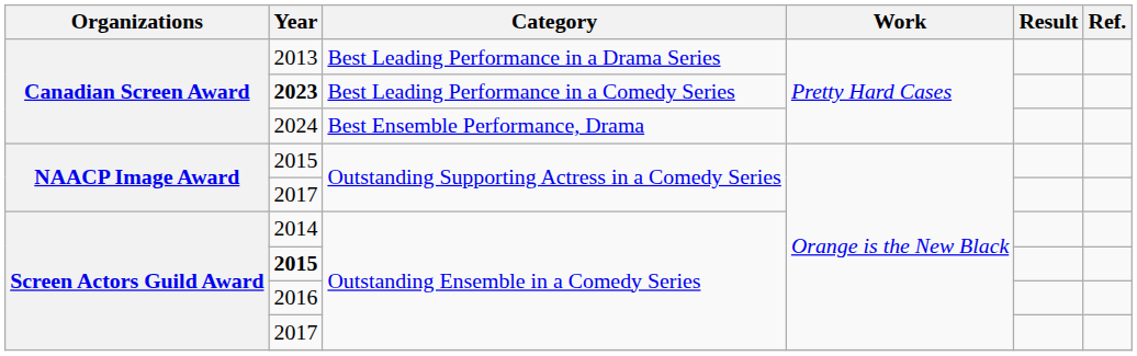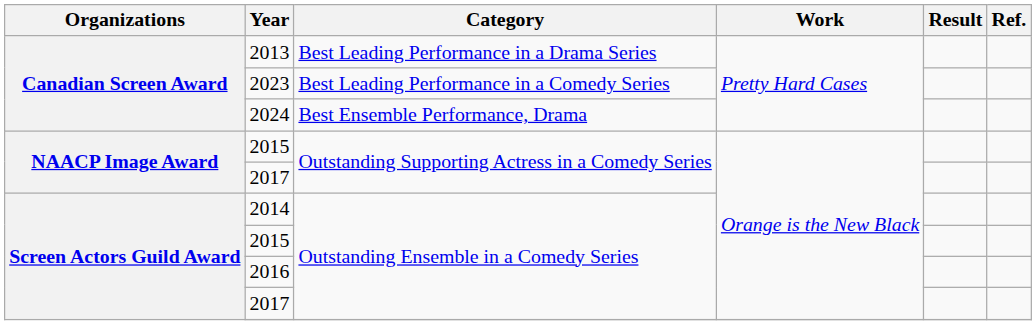 <table class="wikitable sortable plainrowheaders">
 <tr>
 <th>Organizations</th>
 <th>Year</th>
 <th>Category</th>
 <th>Work</th>
 <th>Result</th>
 <th class="unsortable">Ref.</th>
 </tr>
 <tr>
 <th rowspan="3" scope="row"><a href='#'>Canadian Screen Award</a></th>
 <td>2013</td>
 <td><a href='#'>Best Leading Performance in a Drama Series</a></td>
 <td rowspan=3><em><a href='#'>Pretty Hard Cases</a></em></td>
 <td></td>
 <td></td>
 </tr>
 <tr>
-<td><strong>2023</strong></td>
+<td>2023</td>
 <td><a href='#'>Best Leading Performance in a Comedy Series</a></td>
 <td></td>
 <td></td>
 </tr>
 <tr>
 <td>2024</td>
 <td><a href='#'>Best Ensemble Performance, Drama</a></td>
 <td></td>
 <td></td>
 </tr>
 <tr>
 <th rowspan="2" scope="row"><a href='#'>NAACP Image Award</a></th>
 <td>2015</td>
 <td rowspan=2><a href='#'>Outstanding Supporting Actress in a Comedy Series</a></td>
 <td rowspan=6><em><a href='#'>Orange is the New Black</a></em></td>
 <td></td>
 <td></td>
 </tr>
 <tr>
 <td>2017</td>
 <td></td>
 <td></td>
 </tr>
 <tr>
 <th rowspan="6" scope="row"><a href='#'>Screen Actors Guild Award</a></th>
 <td>2014</td>
 <td rowspan=4><a href='#'>Outstanding Ensemble in a Comedy Series</a></td>
 <td></td>
 <td></td>
 </tr>
 <tr>
-<td><strong>2015</strong></td>
+<td>2015</td>
 <td></td>
 <td></td>
 </tr>
 <tr>
 <td>2016</td>
 <td></td>
 <td></td>
 </tr>
 <tr>
 <td>2017</td>
 <td></td>
 <td></td>
 </tr>
 <tr>
 </tr>
 </table>
